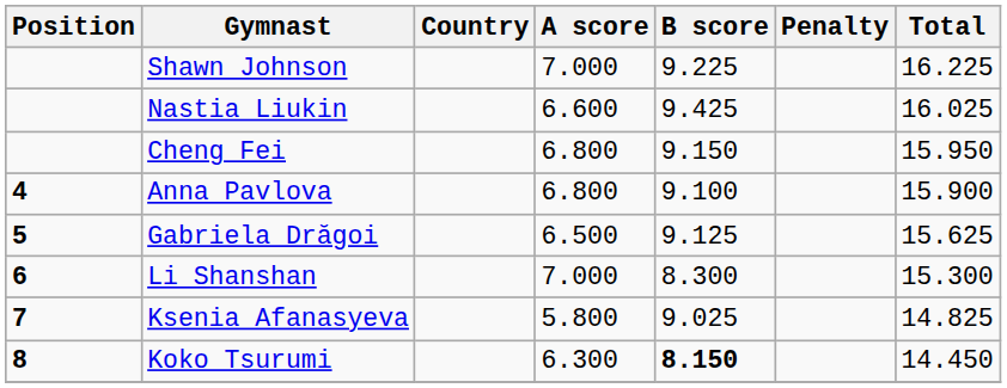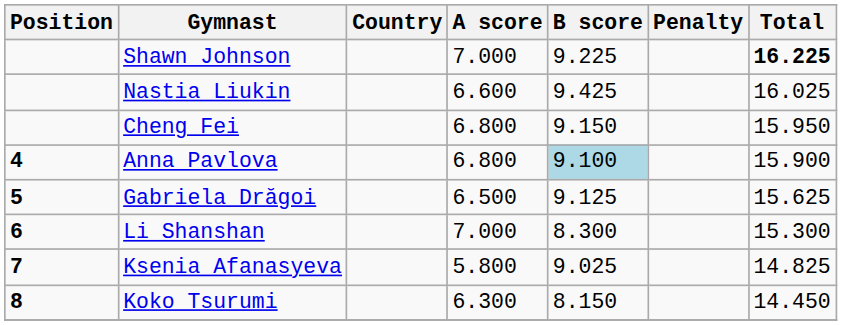 <table class="wikitable sortable" style="text-align:left; font-size:100%">
 <tr>
 <th>Position</th>
 <th>Gymnast</th>
 <th>Country</th>
 <th>A score</th>
 <th>B score</th>
 <th>Penalty</th>
 <th>Total</th>
 </tr>
 <tr>
 <td></td>
 <td><a href='#'>Shawn Johnson</a></td>
 <td></td>
 <td>7.000</td>
 <td>9.225</td>
 <td></td>
-<td>16.225</td>
+<td><strong>16.225</strong></td>
 </tr>
 <tr>
 <td></td>
 <td><a href='#'>Nastia Liukin</a></td>
 <td></td>
 <td>6.600</td>
 <td>9.425</td>
 <td></td>
 <td>16.025</td>
 </tr>
 <tr>
 <td></td>
 <td><a href='#'>Cheng Fei</a></td>
 <td></td>
 <td>6.800</td>
 <td>9.150</td>
 <td></td>
 <td>15.950</td>
 </tr>
 <tr>
 <td><strong>4</strong></td>
 <td><a href='#'>Anna Pavlova</a></td>
 <td></td>
 <td>6.800</td>
-<td>9.100</td>
+<td style="background: lightblue;">9.100</td>
 <td></td>
 <td>15.900</td>
 </tr>
 <tr>
 <td><strong>5</strong></td>
 <td><a href='#'>Gabriela Drăgoi</a></td>
 <td></td>
 <td>6.500</td>
 <td>9.125</td>
 <td></td>
 <td>15.625</td>
 </tr>
 <tr>
 <td><strong>6</strong></td>
 <td><a href='#'>Li Shanshan</a></td>
 <td></td>
 <td>7.000</td>
 <td>8.300</td>
 <td></td>
 <td>15.300</td>
 </tr>
 <tr>
 <td><strong>7</strong></td>
 <td><a href='#'>Ksenia Afanasyeva</a></td>
 <td></td>
 <td>5.800</td>
 <td>9.025</td>
 <td></td>
 <td>14.825</td>
 </tr>
 <tr>
 <td><strong>8</strong></td>
 <td><a href='#'>Koko Tsurumi</a></td>
 <td></td>
 <td>6.300</td>
-<td><strong>8.150</strong></td>
+<td>8.150</td>
 <td></td>
 <td>14.450</td>
 </tr>
 <tr>
 </tr>
 </table>
